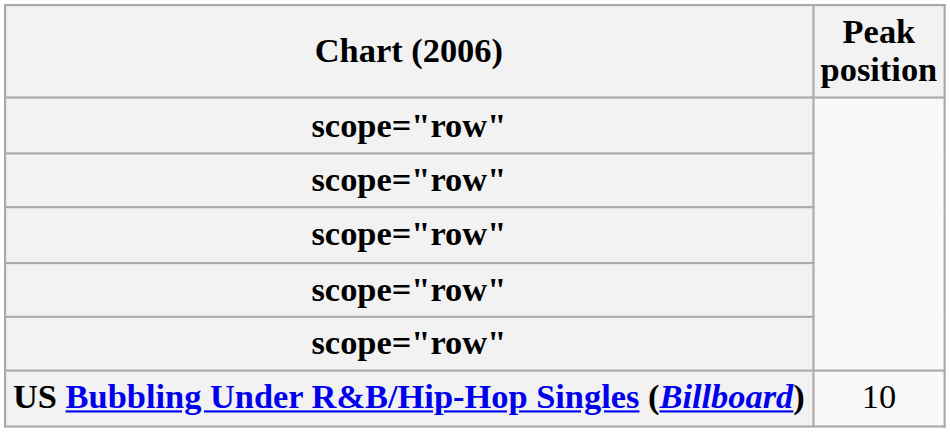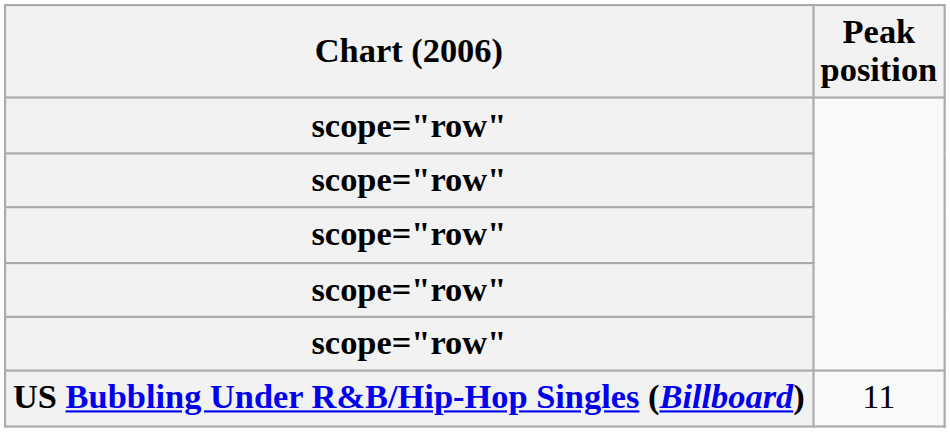 <table class="wikitable sortable plainrowheaders" style="text-align:center;">
 <tr>
 <th scope="col">Chart (2006)</th>
 <th scope="col">Peak<br>position</th>
 </tr>
 <tr>
 <th>scope="row"</th>
 </tr>
 <tr>
 <th>scope="row"</th>
 </tr>
 <tr>
 <th>scope="row"</th>
 </tr>
 <tr>
 <th>scope="row"</th>
 </tr>
 <tr>
 <th>scope="row"</th>
 </tr>
 <tr>
 <th scope="row">US <a href='#'>Bubbling Under R&B/Hip-Hop Singles</a> (<a href='#'><em>Billboard</em></a>)</th>
-<td>10</td>
+<td>11</td>
 </tr>
 </table>
